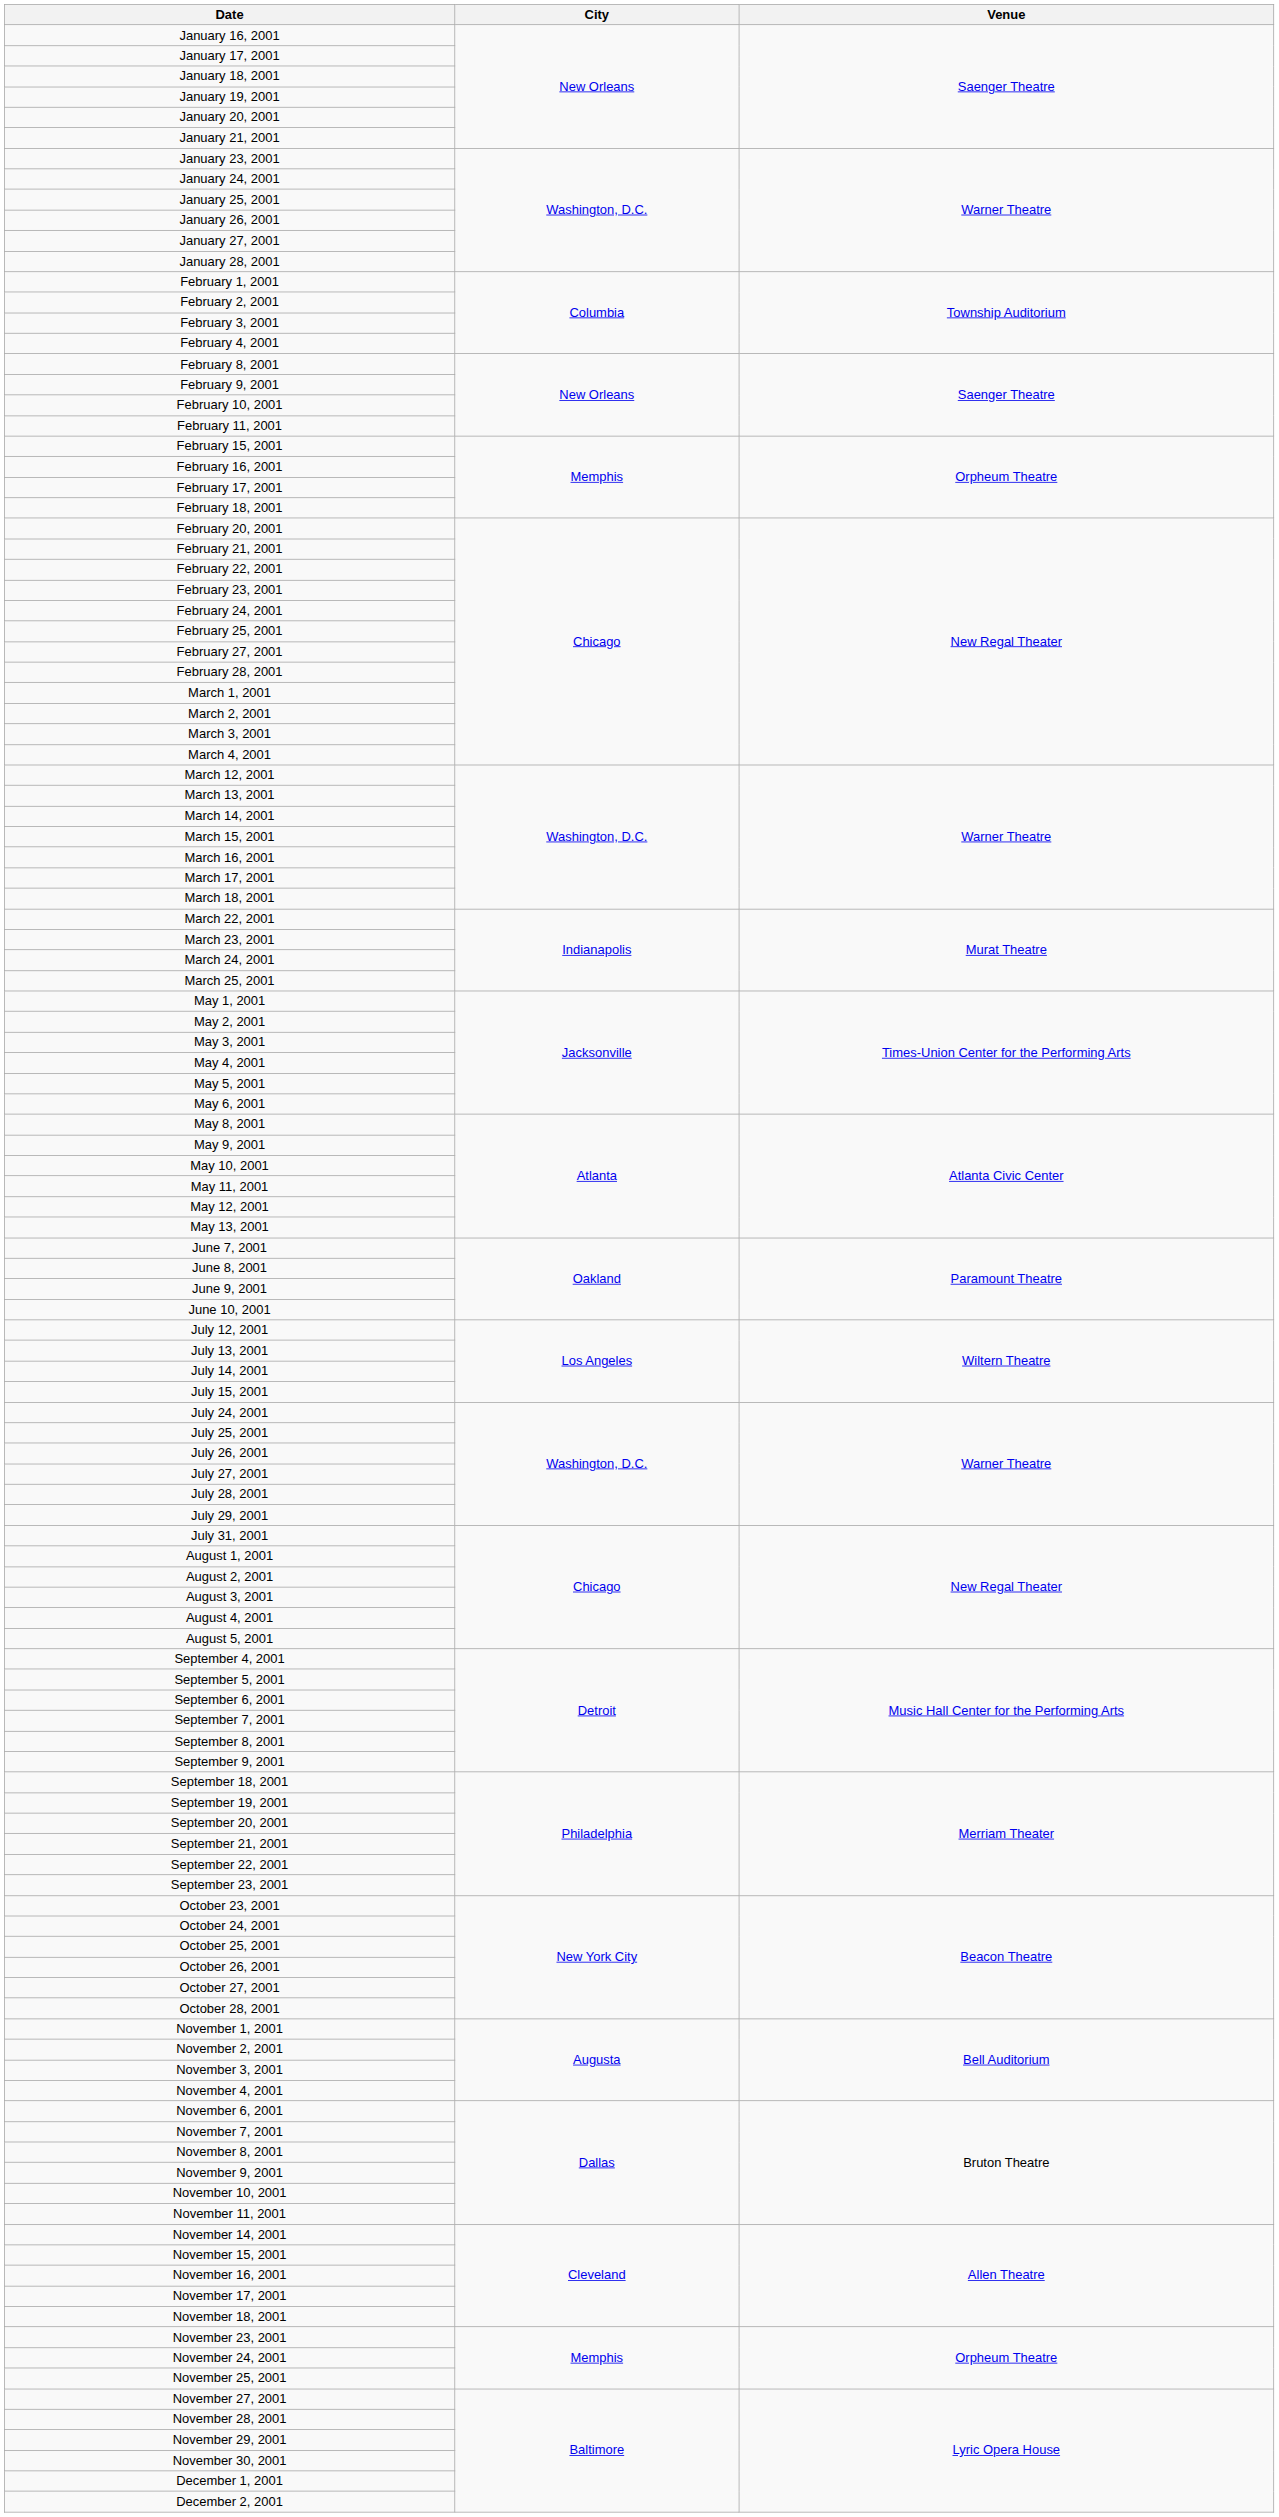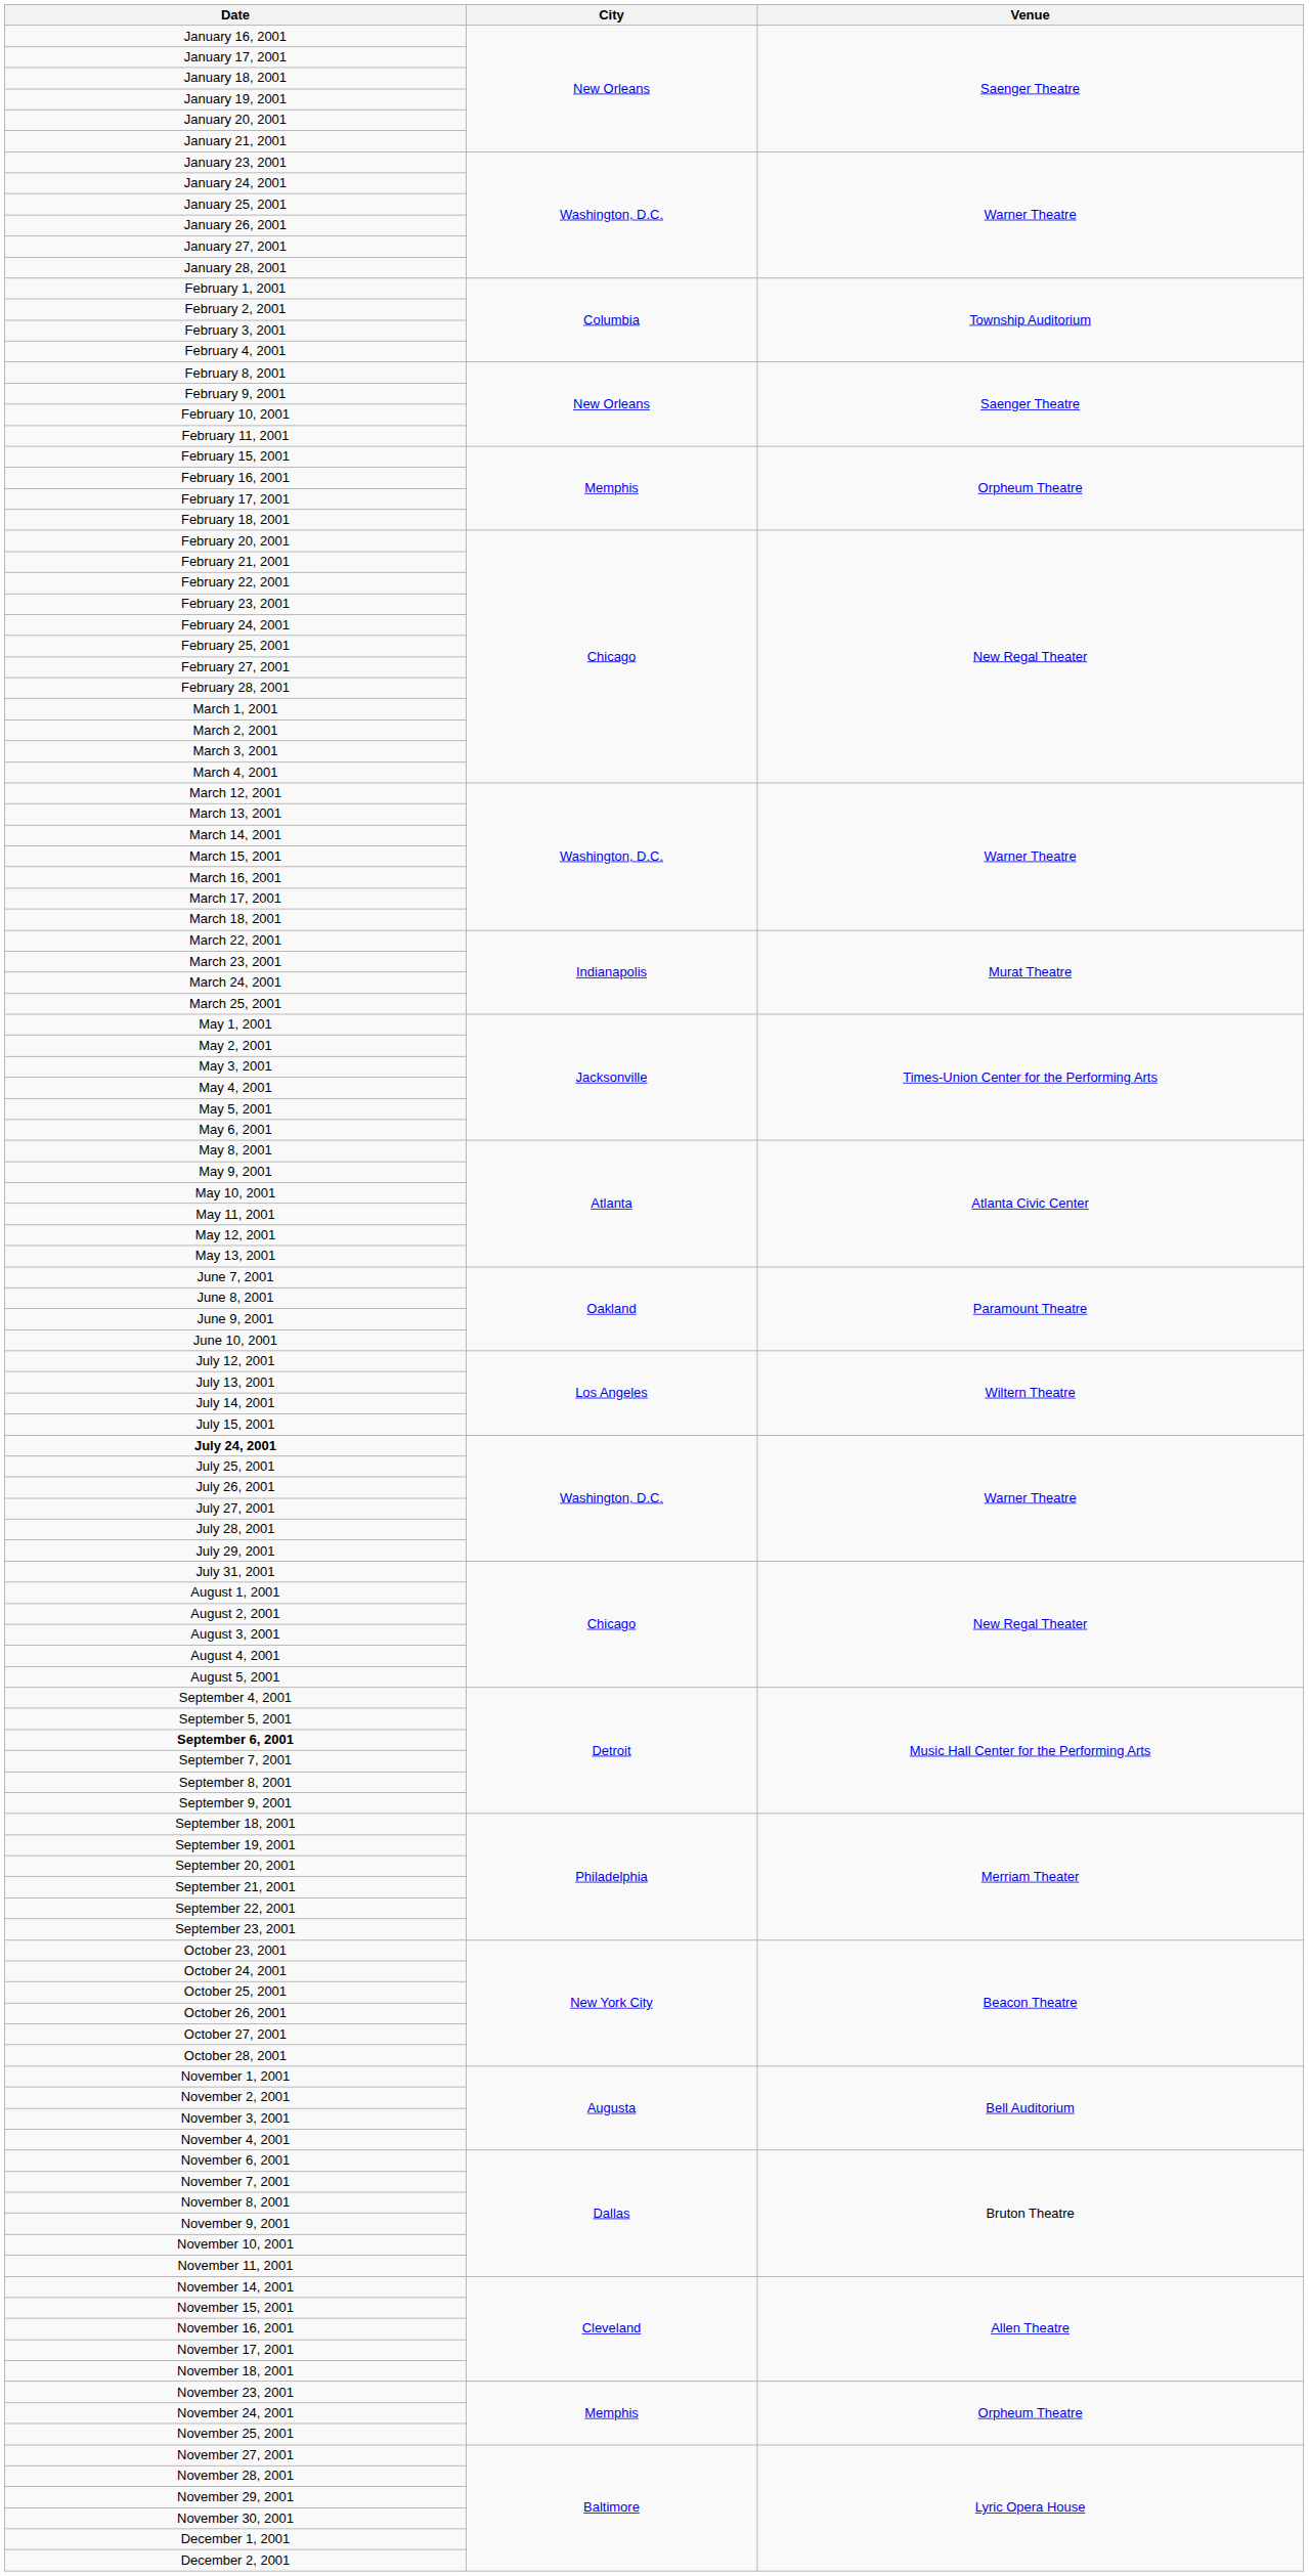 <table class="wikitable" style="text-align:center;">
 <tr>
 <th scope="col" style="width:50em;">Date</th>
 <th scope="col" style="width:30em;">City</th>
 <th scope="col" style="width:60em;">Venue</th>
 </tr>
 <tr>
 <td>January 16, 2001</td>
 <td rowspan="6"><a href='#'>New Orleans</a></td>
 <td rowspan="6"><a href='#'>Saenger Theatre</a></td>
 </tr>
 <tr>
 <td>January 17, 2001</td>
 </tr>
 <tr>
 <td>January 18, 2001</td>
 </tr>
 <tr>
 <td>January 19, 2001</td>
 </tr>
 <tr>
 <td>January 20, 2001</td>
 </tr>
 <tr>
 <td>January 21, 2001</td>
 </tr>
 <tr>
 <td>January 23, 2001</td>
 <td rowspan="6"><a href='#'>Washington, D.C.</a></td>
 <td rowspan="6"><a href='#'>Warner Theatre</a></td>
 </tr>
 <tr>
 <td>January 24, 2001</td>
 </tr>
 <tr>
 <td>January 25, 2001</td>
 </tr>
 <tr>
 <td>January 26, 2001</td>
 </tr>
 <tr>
 <td>January 27, 2001</td>
 </tr>
 <tr>
 <td>January 28, 2001</td>
 </tr>
 <tr>
 <td>February 1, 2001</td>
 <td rowspan="4"><a href='#'>Columbia</a></td>
 <td rowspan="4"><a href='#'>Township Auditorium</a></td>
 </tr>
 <tr>
 <td>February 2, 2001</td>
 </tr>
 <tr>
 <td>February 3, 2001</td>
 </tr>
 <tr>
 <td>February 4, 2001</td>
 </tr>
 <tr>
 <td>February 8, 2001</td>
 <td rowspan="4"><a href='#'>New Orleans</a></td>
 <td rowspan="4"><a href='#'>Saenger Theatre</a></td>
 </tr>
 <tr>
 <td>February 9, 2001</td>
 </tr>
 <tr>
 <td>February 10, 2001</td>
 </tr>
 <tr>
 <td>February 11, 2001</td>
 </tr>
 <tr>
 <td>February 15, 2001</td>
 <td rowspan="4"><a href='#'>Memphis</a></td>
 <td rowspan="4"><a href='#'>Orpheum Theatre</a></td>
 </tr>
 <tr>
 <td>February 16, 2001</td>
 </tr>
 <tr>
 <td>February 17, 2001</td>
 </tr>
 <tr>
 <td>February 18, 2001</td>
 </tr>
 <tr>
 <td>February 20, 2001</td>
 <td rowspan="12"><a href='#'>Chicago</a></td>
 <td rowspan="12"><a href='#'>New Regal Theater</a></td>
 </tr>
 <tr>
 <td>February 21, 2001</td>
 </tr>
 <tr>
 <td>February 22, 2001</td>
 </tr>
 <tr>
 <td>February 23, 2001</td>
 </tr>
 <tr>
 <td>February 24, 2001</td>
 </tr>
 <tr>
 <td>February 25, 2001</td>
 </tr>
 <tr>
 <td>February 27, 2001</td>
 </tr>
 <tr>
 <td>February 28, 2001</td>
 </tr>
 <tr>
 <td>March 1, 2001</td>
 </tr>
 <tr>
 <td>March 2, 2001</td>
 </tr>
 <tr>
 <td>March 3, 2001</td>
 </tr>
 <tr>
 <td>March 4, 2001</td>
 </tr>
 <tr>
 <td>March 12, 2001</td>
 <td rowspan="7"><a href='#'>Washington, D.C.</a></td>
 <td rowspan="7"><a href='#'>Warner Theatre</a></td>
 </tr>
 <tr>
 <td>March 13, 2001</td>
 </tr>
 <tr>
 <td>March 14, 2001</td>
 </tr>
 <tr>
 <td>March 15, 2001</td>
 </tr>
 <tr>
 <td>March 16, 2001</td>
 </tr>
 <tr>
 <td>March 17, 2001</td>
 </tr>
 <tr>
 <td>March 18, 2001</td>
 </tr>
 <tr>
 <td>March 22, 2001</td>
 <td rowspan="4"><a href='#'>Indianapolis</a></td>
 <td rowspan="4"><a href='#'>Murat Theatre</a></td>
 </tr>
 <tr>
 <td>March 23, 2001</td>
 </tr>
 <tr>
 <td>March 24, 2001</td>
 </tr>
 <tr>
 <td>March 25, 2001</td>
 </tr>
 <tr>
 <td>May 1, 2001</td>
 <td rowspan="6"><a href='#'>Jacksonville</a></td>
 <td rowspan="6"><a href='#'>Times-Union Center for the Performing Arts</a></td>
 </tr>
 <tr>
 <td>May 2, 2001</td>
 </tr>
 <tr>
 <td>May 3, 2001</td>
 </tr>
 <tr>
 <td>May 4, 2001</td>
 </tr>
 <tr>
 <td>May 5, 2001</td>
 </tr>
 <tr>
 <td>May 6, 2001</td>
 </tr>
 <tr>
 <td>May 8, 2001</td>
 <td rowspan="6"><a href='#'>Atlanta</a></td>
 <td rowspan="6"><a href='#'>Atlanta Civic Center</a></td>
 </tr>
 <tr>
 <td>May 9, 2001</td>
 </tr>
 <tr>
 <td>May 10, 2001</td>
 </tr>
 <tr>
 <td>May 11, 2001</td>
 </tr>
 <tr>
 <td>May 12, 2001</td>
 </tr>
 <tr>
 <td>May 13, 2001</td>
 </tr>
 <tr>
 <td>June 7, 2001</td>
 <td rowspan="4"><a href='#'>Oakland</a></td>
 <td rowspan="4"><a href='#'>Paramount Theatre</a></td>
 </tr>
 <tr>
 <td>June 8, 2001</td>
 </tr>
 <tr>
 <td>June 9, 2001</td>
 </tr>
 <tr>
 <td>June 10, 2001</td>
 </tr>
 <tr>
 <td>July 12, 2001</td>
 <td rowspan="4"><a href='#'>Los Angeles</a></td>
 <td rowspan="4"><a href='#'>Wiltern Theatre</a></td>
 </tr>
 <tr>
 <td>July 13, 2001</td>
 </tr>
 <tr>
 <td>July 14, 2001</td>
 </tr>
 <tr>
 <td>July 15, 2001</td>
 </tr>
 <tr>
-<td>July 24, 2001</td>
+<td><strong>July 24, 2001</strong></td>
 <td rowspan="6"><a href='#'>Washington, D.C.</a></td>
 <td rowspan="6"><a href='#'>Warner Theatre</a></td>
 </tr>
 <tr>
 <td>July 25, 2001</td>
 </tr>
 <tr>
 <td>July 26, 2001</td>
 </tr>
 <tr>
 <td>July 27, 2001</td>
 </tr>
 <tr>
 <td>July 28, 2001</td>
 </tr>
 <tr>
 <td>July 29, 2001</td>
 </tr>
 <tr>
 <td>July 31, 2001</td>
 <td rowspan="6"><a href='#'>Chicago</a></td>
 <td rowspan="6"><a href='#'>New Regal Theater</a></td>
 </tr>
 <tr>
 <td>August 1, 2001</td>
 </tr>
 <tr>
 <td>August 2, 2001</td>
 </tr>
 <tr>
 <td>August 3, 2001</td>
 </tr>
 <tr>
 <td>August 4, 2001</td>
 </tr>
 <tr>
 <td>August 5, 2001</td>
 </tr>
 <tr>
 <td>September 4, 2001</td>
 <td rowspan="6"><a href='#'>Detroit</a></td>
 <td rowspan="6"><a href='#'>Music Hall Center for the Performing Arts</a></td>
 </tr>
 <tr>
 <td>September 5, 2001</td>
 </tr>
 <tr>
-<td>September 6, 2001</td>
+<td><strong>September 6, 2001</strong></td>
 </tr>
 <tr>
 <td>September 7, 2001</td>
 </tr>
 <tr>
 <td>September 8, 2001</td>
 </tr>
 <tr>
 <td>September 9, 2001</td>
 </tr>
 <tr>
 <td>September 18, 2001</td>
 <td rowspan="6"><a href='#'>Philadelphia</a></td>
 <td rowspan="6"><a href='#'>Merriam Theater</a></td>
 </tr>
 <tr>
 <td>September 19, 2001</td>
 </tr>
 <tr>
 <td>September 20, 2001</td>
 </tr>
 <tr>
 <td>September 21, 2001</td>
 </tr>
 <tr>
 <td>September 22, 2001</td>
 </tr>
 <tr>
 <td>September 23, 2001</td>
 </tr>
 <tr>
 <td>October 23, 2001</td>
 <td rowspan="6"><a href='#'>New York City</a></td>
 <td rowspan="6"><a href='#'>Beacon Theatre</a></td>
 </tr>
 <tr>
 <td>October 24, 2001</td>
 </tr>
 <tr>
 <td>October 25, 2001</td>
 </tr>
 <tr>
 <td>October 26, 2001</td>
 </tr>
 <tr>
 <td>October 27, 2001</td>
 </tr>
 <tr>
 <td>October 28, 2001</td>
 </tr>
 <tr>
 <td>November 1, 2001</td>
 <td rowspan="4"><a href='#'>Augusta</a></td>
 <td rowspan="4"><a href='#'>Bell Auditorium</a></td>
 </tr>
 <tr>
 <td>November 2, 2001</td>
 </tr>
 <tr>
 <td>November 3, 2001</td>
 </tr>
 <tr>
 <td>November 4, 2001</td>
 </tr>
 <tr>
 <td>November 6, 2001</td>
 <td rowspan="6"><a href='#'>Dallas</a></td>
 <td rowspan="6">Bruton Theatre</td>
 </tr>
 <tr>
 <td>November 7, 2001</td>
 </tr>
 <tr>
 <td>November 8, 2001</td>
 </tr>
 <tr>
 <td>November 9, 2001</td>
 </tr>
 <tr>
 <td>November 10, 2001</td>
 </tr>
 <tr>
 <td>November 11, 2001</td>
 </tr>
 <tr>
 <td>November 14, 2001</td>
 <td rowspan="5"><a href='#'>Cleveland</a></td>
 <td rowspan="5"><a href='#'>Allen Theatre</a></td>
 </tr>
 <tr>
 <td>November 15, 2001</td>
 </tr>
 <tr>
 <td>November 16, 2001</td>
 </tr>
 <tr>
 <td>November 17, 2001</td>
 </tr>
 <tr>
 <td>November 18, 2001</td>
 </tr>
 <tr>
 <td>November 23, 2001</td>
 <td rowspan="3"><a href='#'>Memphis</a></td>
 <td rowspan="3"><a href='#'>Orpheum Theatre</a></td>
 </tr>
 <tr>
 <td>November 24, 2001</td>
 </tr>
 <tr>
 <td>November 25, 2001</td>
 </tr>
 <tr>
 <td>November 27, 2001</td>
 <td rowspan="6"><a href='#'>Baltimore</a></td>
 <td rowspan="6"><a href='#'>Lyric Opera House</a></td>
 </tr>
 <tr>
 <td>November 28, 2001</td>
 </tr>
 <tr>
 <td>November 29, 2001</td>
 </tr>
 <tr>
 <td>November 30, 2001</td>
 </tr>
 <tr>
 <td>December 1, 2001</td>
 </tr>
 <tr>
 <td>December 2, 2001</td>
 </tr>
 </table>
